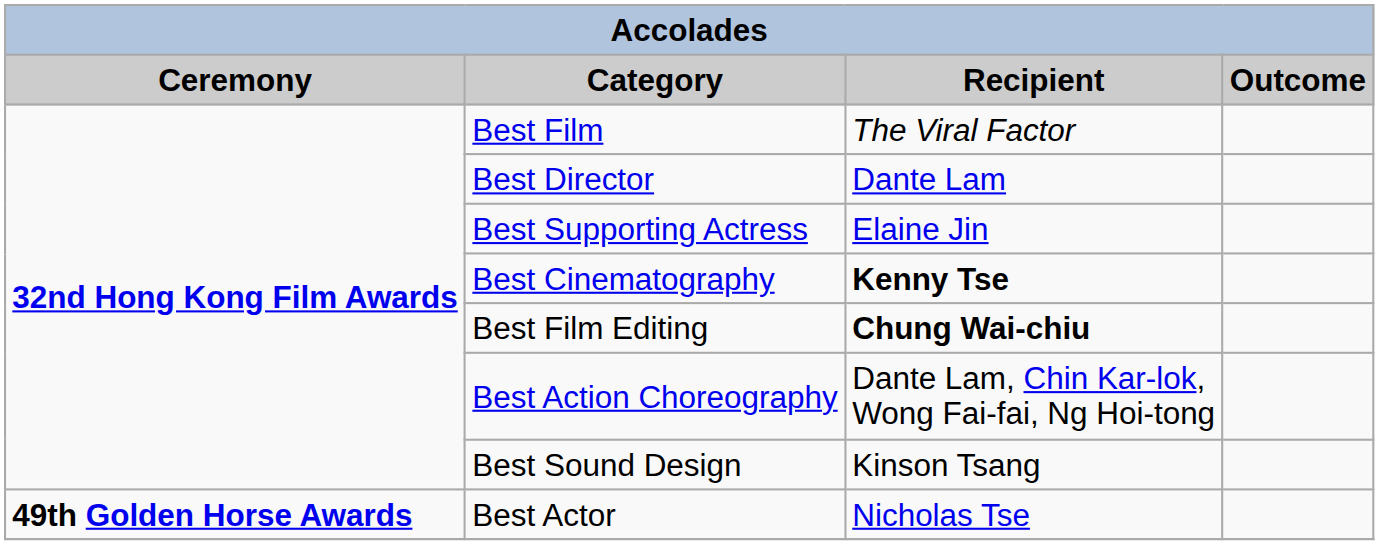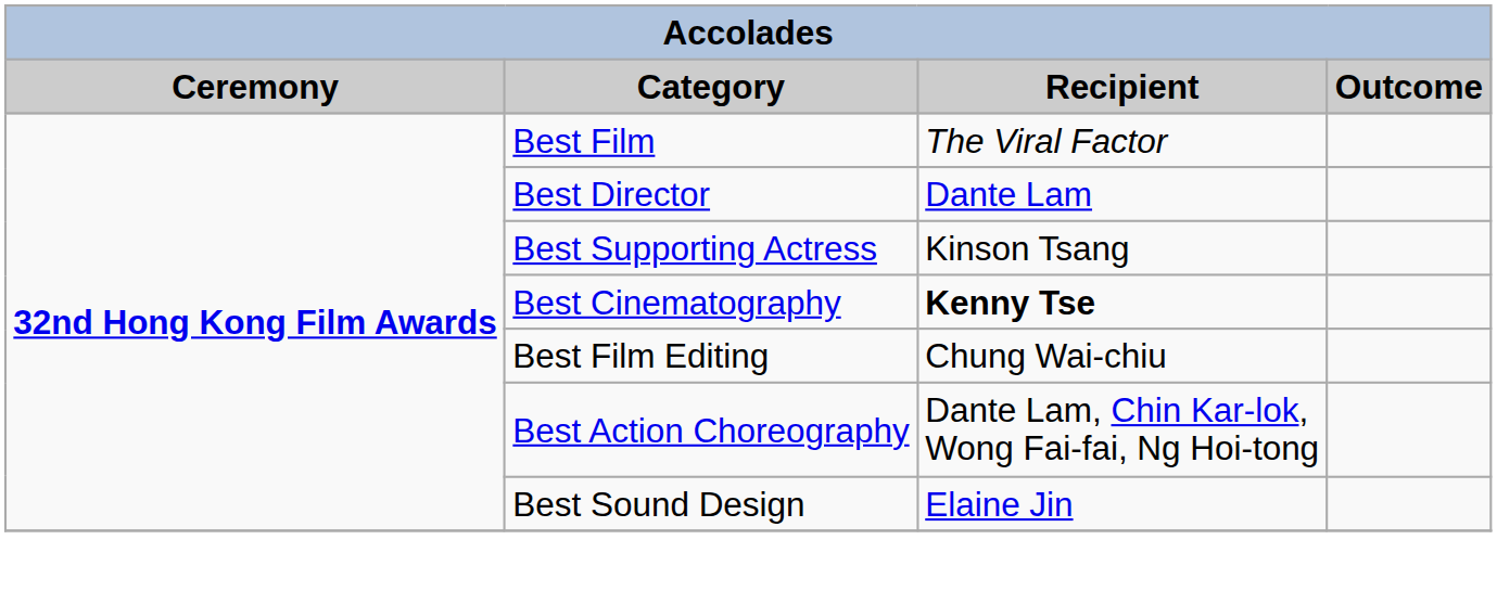 <table class="wikitable" style="font-size:95%">
 <tr style="background:#ccc; text-align:center;">
 <th colspan="4" style="background: LightSteelBlue;">Accolades</th>
 </tr>
 <tr style="background:#ccc; text-align:center;">
 <th style="background:#ccc">Ceremony</th>
 <th style="background:#ccc">Category</th>
 <th style="background:#ccc">Recipient</th>
 <th style="background:#ccc">Outcome</th>
 </tr>
 <tr>
 <td rowspan=7><strong><a href='#'>32nd Hong Kong Film Awards</a></strong></td>
 <td><a href='#'>Best Film</a></td>
 <td><em>The Viral Factor</em></td>
 <td></td>
 </tr>
 <tr>
 <td><a href='#'>Best Director</a></td>
 <td><a href='#'>Dante Lam</a></td>
 <td></td>
 </tr>
 <tr>
 <td><a href='#'>Best Supporting Actress</a></td>
-<td><a href='#'>Elaine Jin</a></td>
+<td>Kinson Tsang</td>
 <td></td>
 </tr>
 <tr>
 <td><a href='#'>Best Cinematography</a></td>
 <td><strong>Kenny Tse</strong></td>
 <td></td>
 </tr>
 <tr>
 <td>Best Film Editing</td>
-<td><strong>Chung Wai-chiu</strong></td>
+<td>Chung Wai-chiu</td>
 <td></td>
 </tr>
 <tr>
 <td><a href='#'>Best Action Choreography</a></td>
 <td>Dante Lam, <a href='#'>Chin Kar-lok</a>,<br>Wong Fai-fai, Ng Hoi-tong</td>
 <td></td>
 </tr>
 <tr>
 <td>Best Sound Design</td>
-<td>Kinson Tsang</td>
-<td></td>
-</tr>
-<tr>
-<td><strong>49th <a href='#'>Golden Horse Awards</a></strong></td>
-<td>Best Actor</td>
-<td><a href='#'>Nicholas Tse</a></td>
+<td><a href='#'>Elaine Jin</a></td>
 <td></td>
 </tr>
 <tr>
 </tr>
 </table>
